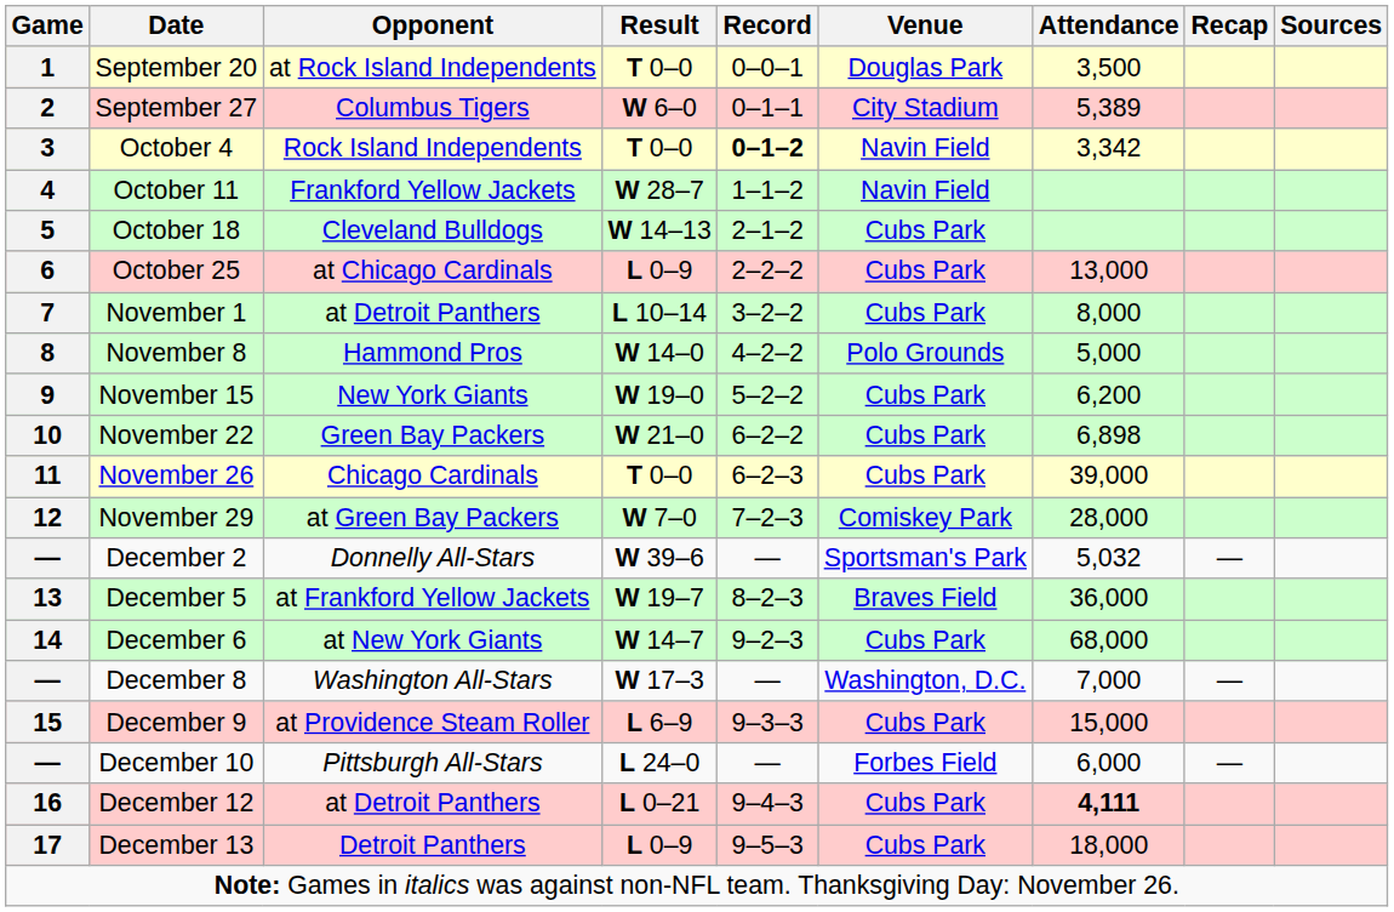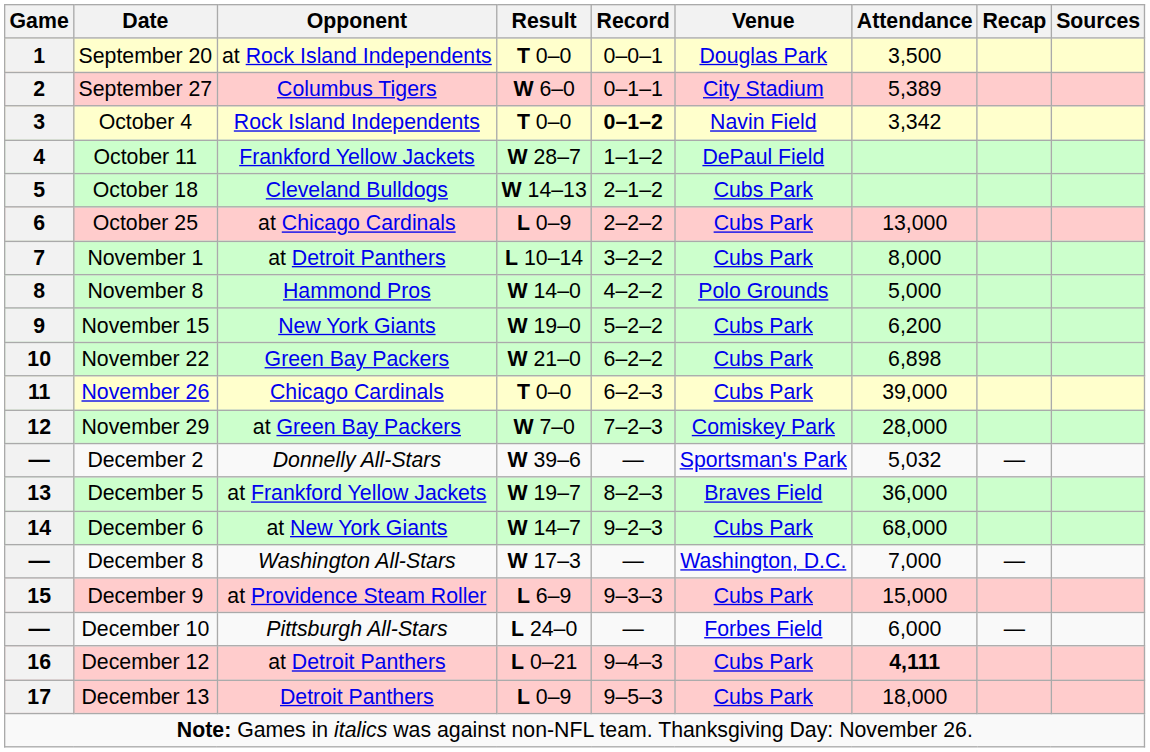 <table class="wikitable" style="text-align:center">
 <tr>
 <th>Game</th>
 <th>Date</th>
 <th>Opponent</th>
 <th>Result</th>
 <th>Record</th>
 <th>Venue</th>
 <th>Attendance</th>
 <th>Recap</th>
 <th>Sources</th>
 </tr>
 <tr style="background: #ffc;">
 <th>1</th>
 <td>September 20</td>
 <td>at <a href='#'>Rock Island Independents</a></td>
 <td><strong>T</strong> 0–0</td>
 <td>0–0–1</td>
 <td><a href='#'>Douglas Park</a></td>
 <td>3,500 </td>
 <td></td>
 <td></td>
 </tr>
 <tr style="background: #fcc;">
 <th>2</th>
 <td>September 27</td>
 <td><a href='#'>Columbus Tigers</a></td>
 <td><strong>W</strong> 6–0</td>
 <td>0–1–1</td>
 <td><a href='#'>City Stadium</a></td>
 <td>5,389</td>
 <td></td>
 <td></td>
 </tr>
 <tr style="background: #ffc;">
 <th>3</th>
 <td>October 4</td>
 <td><a href='#'>Rock Island Independents</a></td>
 <td><strong>T</strong> 0–0</td>
 <td><strong>0–1–2</strong></td>
 <td><a href='#'>Navin Field</a></td>
 <td>3,342</td>
 <td></td>
 <td></td>
 </tr>
 <tr style="background: #cfc;">
 <th>4</th>
 <td>October 11</td>
 <td><a href='#'>Frankford Yellow Jackets</a></td>
 <td><strong>W</strong> 28–7</td>
 <td>1–1–2</td>
-<td><a href='#'>Navin Field</a></td>
+<td><a href='#'>DePaul Field</a></td>
 <td></td>
 <td></td>
 <td></td>
 </tr>
 <tr style="background: #cfc">
 <th>5</th>
 <td>October 18</td>
 <td><a href='#'>Cleveland Bulldogs</a></td>
 <td><strong>W</strong> 14–13</td>
 <td>2–1–2</td>
 <td><a href='#'>Cubs Park</a></td>
 <td></td>
 <td></td>
 <td></td>
 </tr>
 <tr style="background: #fcc;">
 <th>6</th>
 <td>October 25</td>
 <td>at <a href='#'>Chicago Cardinals</a></td>
 <td><strong>L</strong> 0–9</td>
 <td>2–2–2</td>
 <td><a href='#'>Cubs Park</a></td>
 <td>13,000</td>
 <td></td>
 <td></td>
 </tr>
 <tr style="background: #cfc;">
 <th>7</th>
 <td>November 1</td>
 <td>at <a href='#'>Detroit Panthers</a></td>
 <td><strong>L</strong> 10–14</td>
 <td>3–2–2</td>
 <td><a href='#'>Cubs Park</a></td>
 <td>8,000</td>
 <td></td>
 <td></td>
 </tr>
 <tr style="background: #cfc;">
 <th>8</th>
 <td>November 8</td>
 <td><a href='#'>Hammond Pros</a></td>
 <td><strong>W</strong> 14–0</td>
 <td>4–2–2</td>
 <td><a href='#'>Polo Grounds</a></td>
 <td>5,000</td>
 <td></td>
 <td></td>
 </tr>
 <tr style="background: #cfc;">
 <th>9</th>
 <td>November 15</td>
 <td><a href='#'>New York Giants</a></td>
 <td><strong>W</strong> 19–0</td>
 <td>5–2–2</td>
 <td><a href='#'>Cubs Park</a></td>
 <td>6,200</td>
 <td></td>
 <td></td>
 </tr>
 <tr style="background: #cfc;">
 <th>10</th>
 <td>November 22</td>
 <td><a href='#'>Green Bay Packers</a></td>
 <td><strong>W</strong> 21–0</td>
 <td>6–2–2</td>
 <td><a href='#'>Cubs Park</a></td>
 <td>6,898</td>
 <td></td>
 <td></td>
 </tr>
 <tr style="background: #ffc;">
 <th>11</th>
 <td><a href='#'>November 26</a></td>
 <td><a href='#'>Chicago Cardinals</a></td>
 <td><strong>T</strong> 0–0</td>
 <td>6–2–3</td>
 <td><a href='#'>Cubs Park</a></td>
 <td>39,000</td>
 <td></td>
 <td></td>
 </tr>
 <tr style="background: #cfc;">
 <th>12</th>
 <td>November 29</td>
 <td>at <a href='#'>Green Bay Packers</a></td>
 <td><strong>W</strong> 7–0</td>
 <td>7–2–3</td>
 <td><a href='#'>Comiskey Park</a></td>
 <td>28,000</td>
 <td></td>
 <td></td>
 </tr>
 <tr>
 <th>—</th>
 <td>December 2</td>
 <td><em>Donnelly All-Stars</em></td>
 <td><strong>W</strong> 39–6</td>
 <td>—</td>
 <td><a href='#'>Sportsman's Park</a></td>
 <td>5,032 </td>
 <td>—</td>
 <td></td>
 </tr>
 <tr style="background: #cfc;">
 <th>13</th>
 <td>December 5</td>
 <td>at <a href='#'>Frankford Yellow Jackets</a></td>
 <td><strong>W</strong> 19–7</td>
 <td>8–2–3</td>
 <td><a href='#'>Braves Field</a></td>
 <td>36,000</td>
 <td></td>
 <td></td>
 </tr>
 <tr style="background: #cfc;">
 <th>14</th>
 <td>December  6</td>
 <td>at <a href='#'>New York Giants</a></td>
 <td><strong>W</strong> 14–7</td>
 <td>9–2–3</td>
 <td><a href='#'>Cubs Park</a></td>
 <td>68,000</td>
 <td></td>
 <td></td>
 </tr>
 <tr>
 <th>—</th>
 <td>December 8</td>
 <td><em>Washington All-Stars</em></td>
 <td><strong>W</strong> 17–3</td>
 <td>—</td>
 <td><a href='#'>Washington, D.C.</a></td>
 <td>7,000</td>
 <td>—</td>
 <td></td>
 </tr>
 <tr style="background: #fcc;">
 <th>15</th>
 <td>December 9</td>
 <td>at <a href='#'>Providence Steam Roller</a></td>
 <td><strong>L</strong> 6–9</td>
 <td>9–3–3</td>
 <td><a href='#'>Cubs Park</a></td>
 <td>15,000</td>
 <td></td>
 <td></td>
 </tr>
 <tr>
 <th>—</th>
 <td>December 10</td>
 <td><em>Pittsburgh All-Stars</em></td>
 <td><strong>L</strong> 24–0</td>
 <td>—</td>
 <td><a href='#'>Forbes Field</a></td>
 <td>6,000</td>
 <td>—</td>
 <td></td>
 </tr>
 <tr style="background: #fcc;">
 <th>16</th>
 <td>December 12</td>
 <td>at <a href='#'>Detroit Panthers</a></td>
 <td><strong>L</strong> 0–21</td>
 <td>9–4–3</td>
 <td><a href='#'>Cubs Park</a></td>
 <td><strong>4,111 </strong></td>
 <td></td>
 <td></td>
 </tr>
 <tr style="background: #fcc;">
 <th>17</th>
 <td>December 13</td>
 <td><a href='#'>Detroit Panthers</a></td>
 <td><strong>L</strong> 0–9</td>
 <td>9–5–3</td>
 <td><a href='#'>Cubs Park</a></td>
 <td>18,000</td>
 <td></td>
 <td></td>
 </tr>
 <tr>
 <td colspan="10"><strong>Note:</strong> Games in <em>italics</em> was against non-NFL team. Thanksgiving Day: November 26.</td>
 </tr>
 </table>
